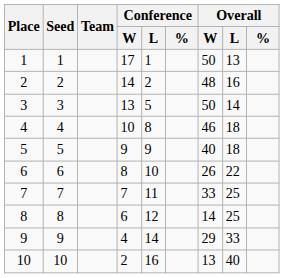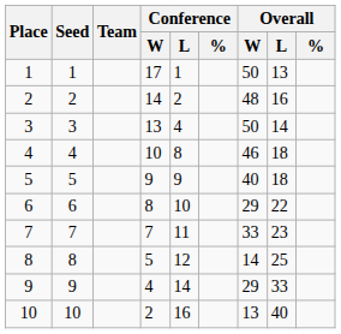 <table class="wikitable">
 <tr>
 <th rowspan ="2">Place</th>
 <th rowspan ="2">Seed</th>
 <th rowspan ="2">Team</th>
 <th colspan = "3">Conference</th>
 <th colspan = "3">Overall</th>
 </tr>
 <tr>
 <th scope="col" style="width: 20px;">W</th>
 <th scope="col" style="width: 20px;">L</th>
 <th scope="col" style="width: 30px;">%</th>
 <th scope="col" style="width: 20px;">W</th>
 <th scope="col" style="width: 20px;">L</th>
 <th scope="col" style="width: 30px;">%</th>
 </tr>
 <tr>
 <td style="text-align:center;">1</td>
 <td style="text-align:center;">1</td>
 <td></td>
 <td>17</td>
 <td>1</td>
 <td></td>
 <td>50</td>
 <td>13</td>
 <td></td>
 </tr>
 <tr>
 <td style="text-align:center;">2</td>
 <td style="text-align:center;">2</td>
 <td></td>
 <td>14</td>
 <td>2</td>
 <td></td>
 <td>48</td>
 <td>16</td>
 <td></td>
 </tr>
 <tr>
 <td style="text-align:center;">3</td>
 <td style="text-align:center;">3</td>
 <td></td>
 <td>13</td>
-<td>5</td>
+<td>4</td>
 <td></td>
 <td>50</td>
 <td>14</td>
 <td></td>
 </tr>
 <tr>
 <td style="text-align:center;">4</td>
 <td style="text-align:center;">4</td>
 <td></td>
 <td>10</td>
 <td>8</td>
 <td></td>
 <td>46</td>
 <td>18</td>
 <td></td>
 </tr>
 <tr>
 <td style="text-align:center;">5</td>
 <td style="text-align:center;">5</td>
 <td></td>
 <td>9</td>
 <td>9</td>
 <td></td>
 <td>40</td>
 <td>18</td>
 <td></td>
 </tr>
 <tr>
 <td style="text-align:center;">6</td>
 <td style="text-align:center;">6</td>
 <td></td>
 <td>8</td>
 <td>10</td>
 <td></td>
-<td>26</td>
+<td>29</td>
 <td>22</td>
 <td></td>
 </tr>
 <tr>
 <td style="text-align:center;">7</td>
 <td style="text-align:center;">7</td>
 <td></td>
 <td>7</td>
 <td>11</td>
 <td></td>
 <td>33</td>
-<td>25</td>
+<td>23</td>
 <td></td>
 </tr>
 <tr>
 <td style="text-align:center;">8</td>
 <td style="text-align:center;">8</td>
 <td></td>
-<td>6</td>
+<td>5</td>
 <td>12</td>
 <td></td>
 <td>14</td>
 <td>25</td>
 <td></td>
 </tr>
 <tr>
 <td style="text-align:center;">9</td>
 <td style="text-align:center;">9</td>
 <td></td>
 <td>4</td>
 <td>14</td>
 <td></td>
 <td>29</td>
 <td>33</td>
 <td></td>
 </tr>
 <tr>
 <td style="text-align:center;">10</td>
 <td style="text-align:center;">10</td>
 <td></td>
 <td>2</td>
 <td>16</td>
 <td></td>
 <td>13</td>
 <td>40</td>
 <td></td>
 </tr>
 </table>
